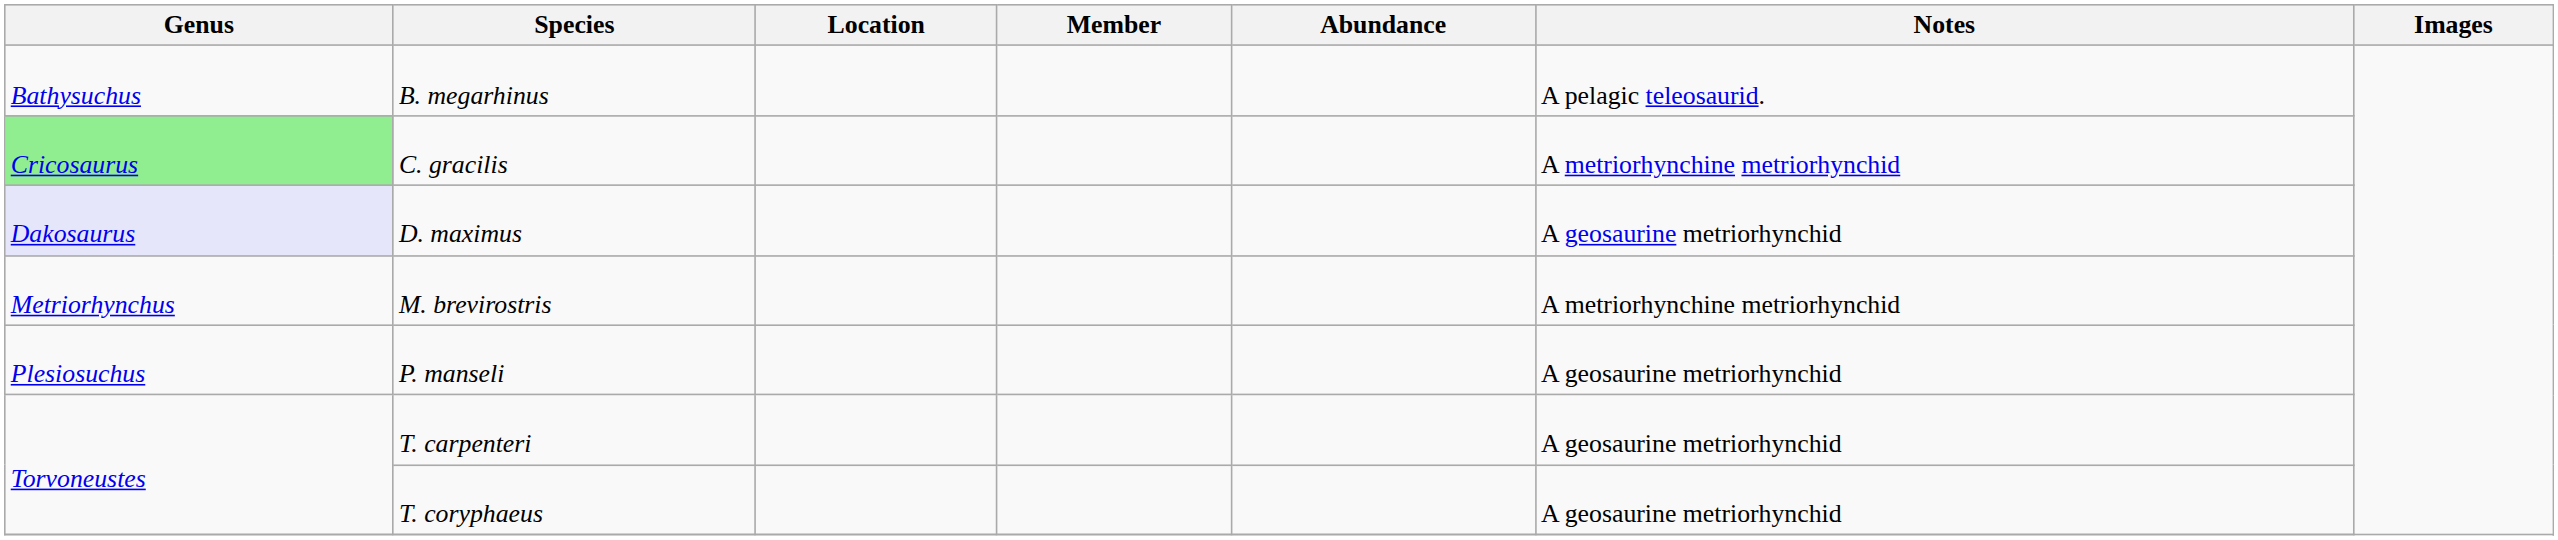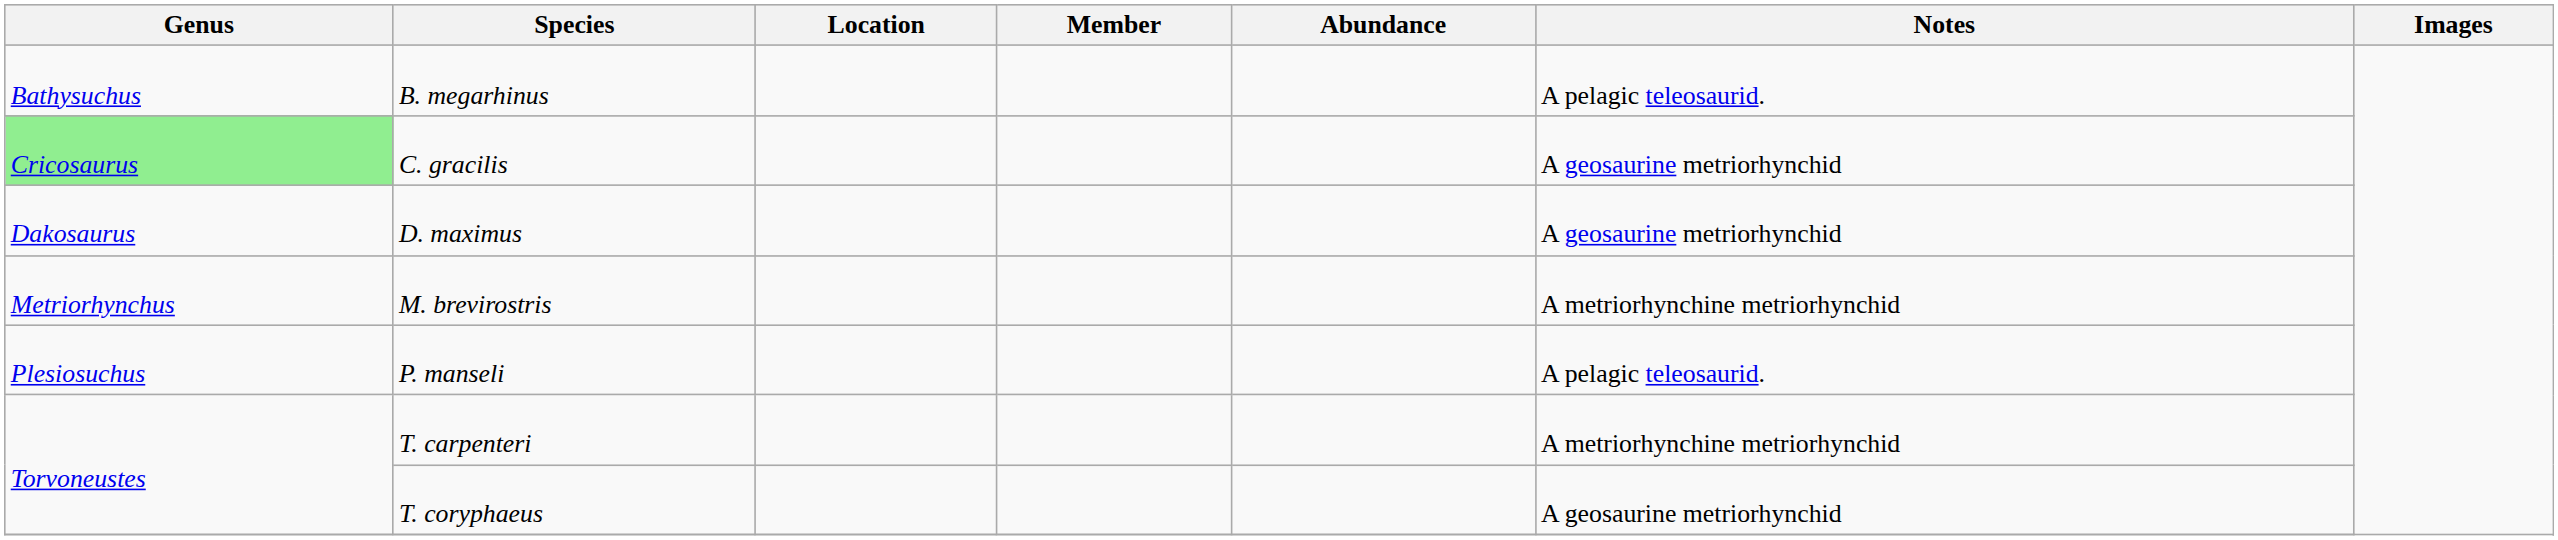 <table class="wikitable" align="center" width="100%">
 <tr>
 <th>Genus</th>
 <th>Species</th>
 <th>Location</th>
 <th>Member</th>
 <th>Abundance</th>
 <th>Notes</th>
 <th>Images</th>
 </tr>
 <tr>
 <td><br><em><a href='#'>Bathysuchus</a></em></td>
 <td><br><em>B. megarhinus</em></td>
 <td></td>
 <td></td>
 <td></td>
 <td><br>A pelagic <a href='#'>teleosaurid</a>.</td>
 <td rowspan="99"><br>  </td>
 </tr>
 <tr>
 <td style="background: lightgreen;"><br><em><a href='#'>Cricosaurus</a></em></td>
 <td><br><em>C. gracilis</em></td>
 <td></td>
 <td></td>
 <td></td>
-<td><br>A <a href='#'>metriorhynchine</a> <a href='#'>metriorhynchid</a></td>
+<td><br>A <a href='#'>geosaurine</a> metriorhynchid</td>
 </tr>
 <tr>
-<td style="background: lavender;"><br><em><a href='#'>Dakosaurus</a></em></td>
+<td><br><em><a href='#'>Dakosaurus</a></em></td>
 <td><br><em>D. maximus</em></td>
 <td></td>
 <td></td>
 <td></td>
 <td><br>A <a href='#'>geosaurine</a> metriorhynchid</td>
 </tr>
 <tr>
 <td><br><em><a href='#'>Metriorhynchus</a></em></td>
 <td><br><em>M. brevirostris</em></td>
 <td></td>
 <td></td>
 <td></td>
 <td><br>A metriorhynchine metriorhynchid</td>
 </tr>
 <tr>
 <td><br><em><a href='#'>Plesiosuchus</a></em></td>
 <td><br><em>P. manseli</em></td>
 <td></td>
 <td></td>
 <td></td>
-<td><br>A geosaurine metriorhynchid</td>
+<td><br>A pelagic <a href='#'>teleosaurid</a>.</td>
 </tr>
 <tr>
 <td rowspan="2"><br><em><a href='#'>Torvoneustes</a></em></td>
 <td><br><em>T. carpenteri</em></td>
 <td></td>
 <td></td>
 <td></td>
-<td><br>A geosaurine metriorhynchid</td>
+<td><br>A metriorhynchine metriorhynchid</td>
 </tr>
 <tr>
 <td><br><em>T. coryphaeus</em></td>
 <td></td>
 <td></td>
 <td></td>
 <td><br>A geosaurine metriorhynchid</td>
 </tr>
 <tr>
 </tr>
 </table>
